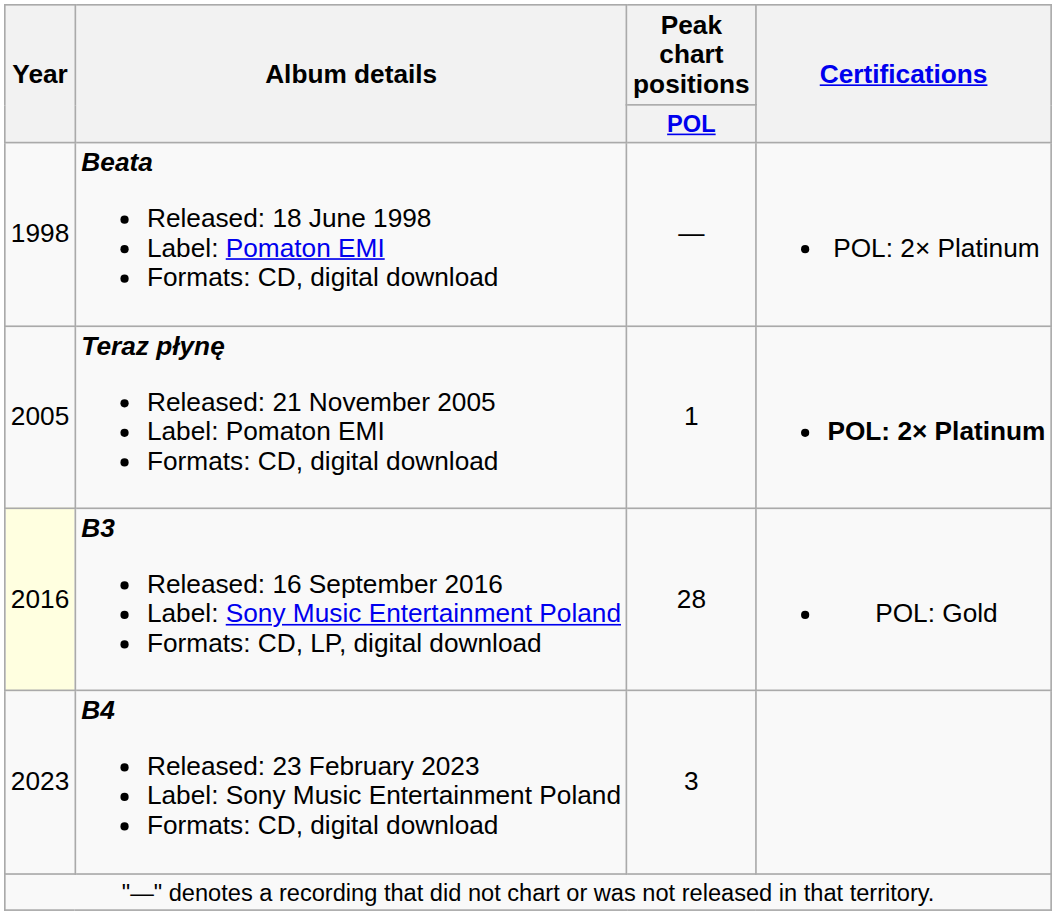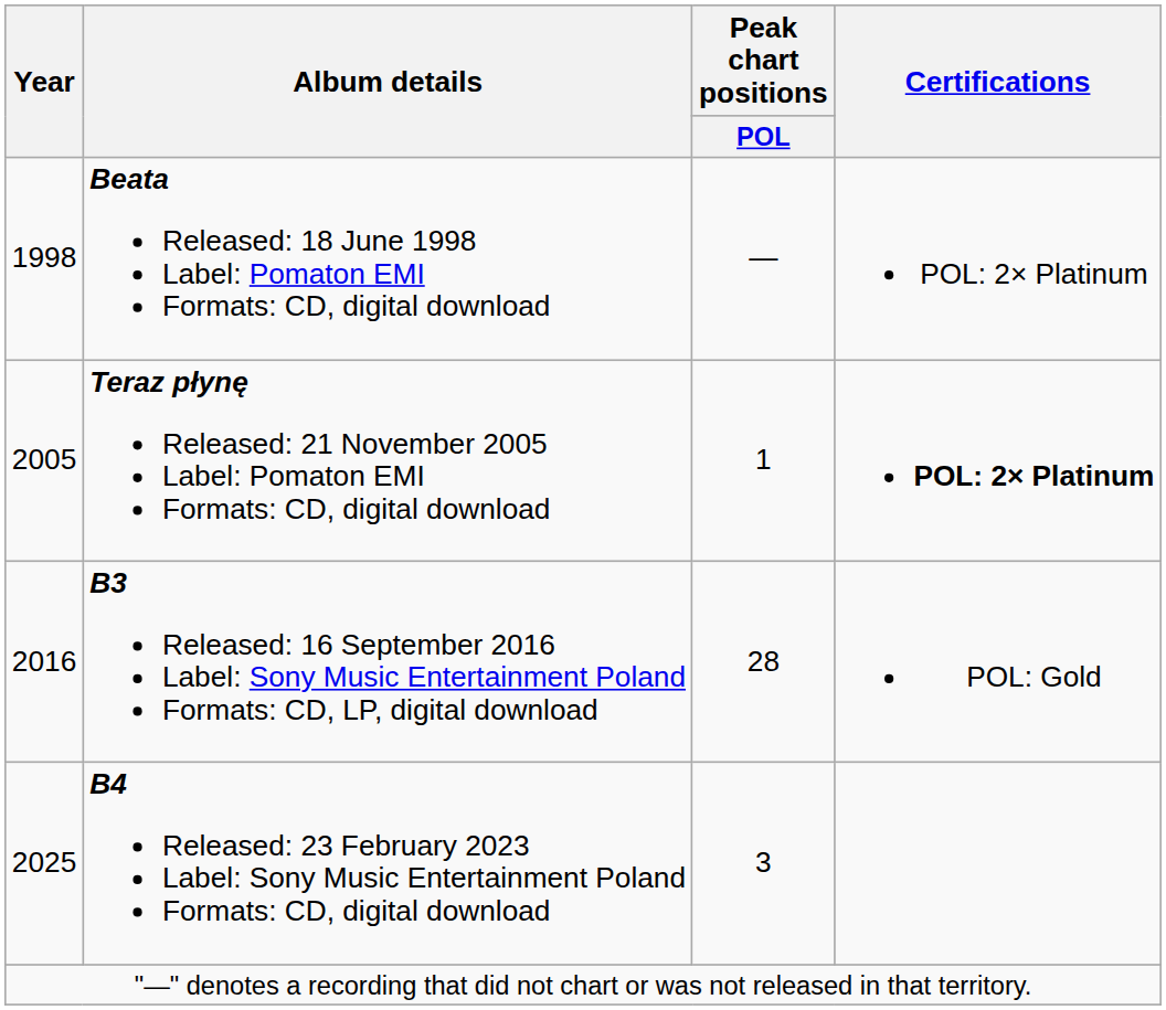 <table class="wikitable plainrowheaders" style="text-align:center;">
 <tr>
 <th scope="col" rowspan="2">Year</th>
 <th scope="col" rowspan="2">Album details</th>
 <th>Peak chart positions</th>
 <th scope="col" rowspan="2"><a href='#'>Certifications</a></th>
 </tr>
 <tr>
 <th scope="col" style="width:3em;font-size:90%;"><a href='#'>POL</a><br></th>
 </tr>
 <tr>
 <td>1998</td>
 <td align="left"><strong><em>Beata</em></strong><br><ul><li>Released: 18 June 1998</li><li>Label: <a href='#'>Pomaton EMI</a></li><li>Formats: CD, digital download</li></ul></td>
 <td>—</td>
 <td><br><ul><li>POL: 2× Platinum</li></ul></td>
 </tr>
 <tr>
 <td>2005</td>
 <td align="left"><strong><em>Teraz płynę</em></strong><br><ul><li>Released: 21 November 2005</li><li>Label: Pomaton EMI</li><li>Formats: CD, digital download</li></ul></td>
 <td>1</td>
 <td><strong><br><ul><li>POL: 2× Platinum</li></ul></strong></td>
 </tr>
 <tr>
-<td style="background: lightyellow;">2016</td>
+<td>2016</td>
 <td align="left"><strong><em>B3</em></strong><br><ul><li>Released: 16 September 2016</li><li>Label: <a href='#'>Sony Music Entertainment Poland</a></li><li>Formats: CD, LP, digital download</li></ul></td>
 <td>28</td>
 <td><br><ul><li>POL: Gold</li></ul></td>
 </tr>
 <tr>
-<td>2023</td>
+<td>2025</td>
 <td align="left"><strong><em>B4</em></strong><br><ul><li>Released: 23 February 2023</li><li>Label: Sony Music Entertainment Poland</li><li>Formats: CD, digital download</li></ul></td>
 <td>3</td>
 <td></td>
 </tr>
 <tr>
 <td colspan="20" style="font-size:90%">"—" denotes a recording that did not chart or was not released in that territory.</td>
 </tr>
 </table>
